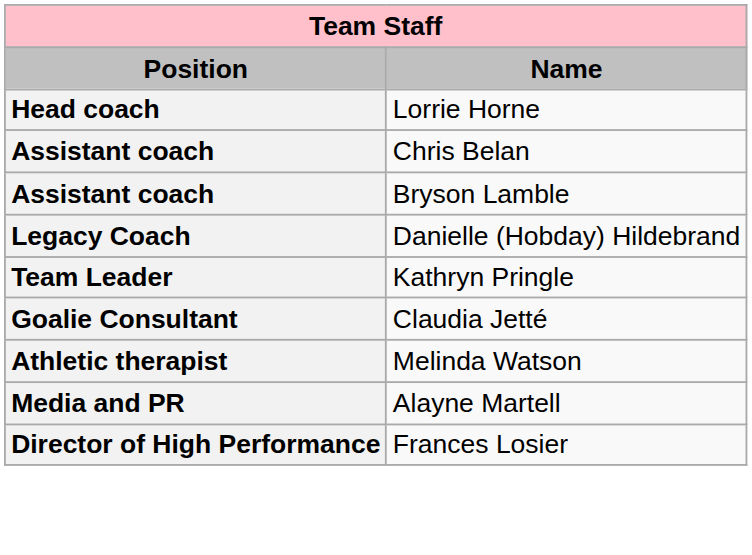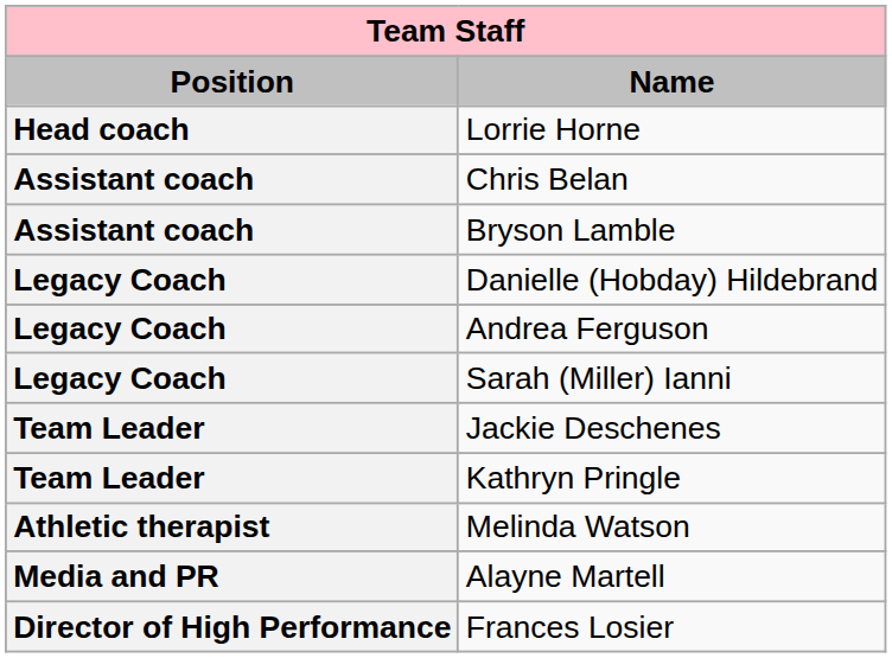 <table class="wikitable" style="text-align:left; font-size:90%;">
 <tr>
 <th style=background:pink colspan=2>Team Staff</th>
 </tr>
 <tr>
 <th style="background:silver;">Position</th>
 <th style="background:silver;">Name</th>
 </tr>
 <tr>
 <th style="text-align:left;">Head coach</th>
 <td>Lorrie Horne</td>
 </tr>
 <tr>
 <th style="text-align:left;">Assistant coach</th>
 <td>Chris Belan</td>
 </tr>
 <tr>
 <th style="text-align:left;">Assistant coach</th>
 <td>Bryson Lamble</td>
 </tr>
 <tr>
 <th style="text-align:left;">Legacy Coach</th>
 <td>Danielle (Hobday) Hildebrand</td>
 </tr>
 <tr>
+<th style="text-align:left;">Legacy Coach</th>
+<td>Andrea Ferguson</td>
+</tr>
+<tr>
+<th style="text-align:left;">Legacy Coach</th>
+<td>Sarah (Miller) Ianni</td>
+</tr>
+<tr>
+<th style="text-align:left;">Team Leader</th>
+<td>Jackie Deschenes</td>
+</tr>
+<tr>
 <th style="text-align:left;">Team Leader</th>
 <td>Kathryn Pringle</td>
-</tr>
-<tr>
-<th style="text-align:left;">Goalie Consultant</th>
-<td>Claudia Jetté</td>
 </tr>
 <tr>
 <th style="text-align:left;">Athletic therapist</th>
 <td>Melinda Watson</td>
 </tr>
 <tr>
 <th style="text-align:left;">Media and PR</th>
 <td>Alayne Martell</td>
 </tr>
 <tr>
 <th style="text-align:left;">Director of High Performance</th>
 <td>Frances Losier</td>
 </tr>
 </table>
